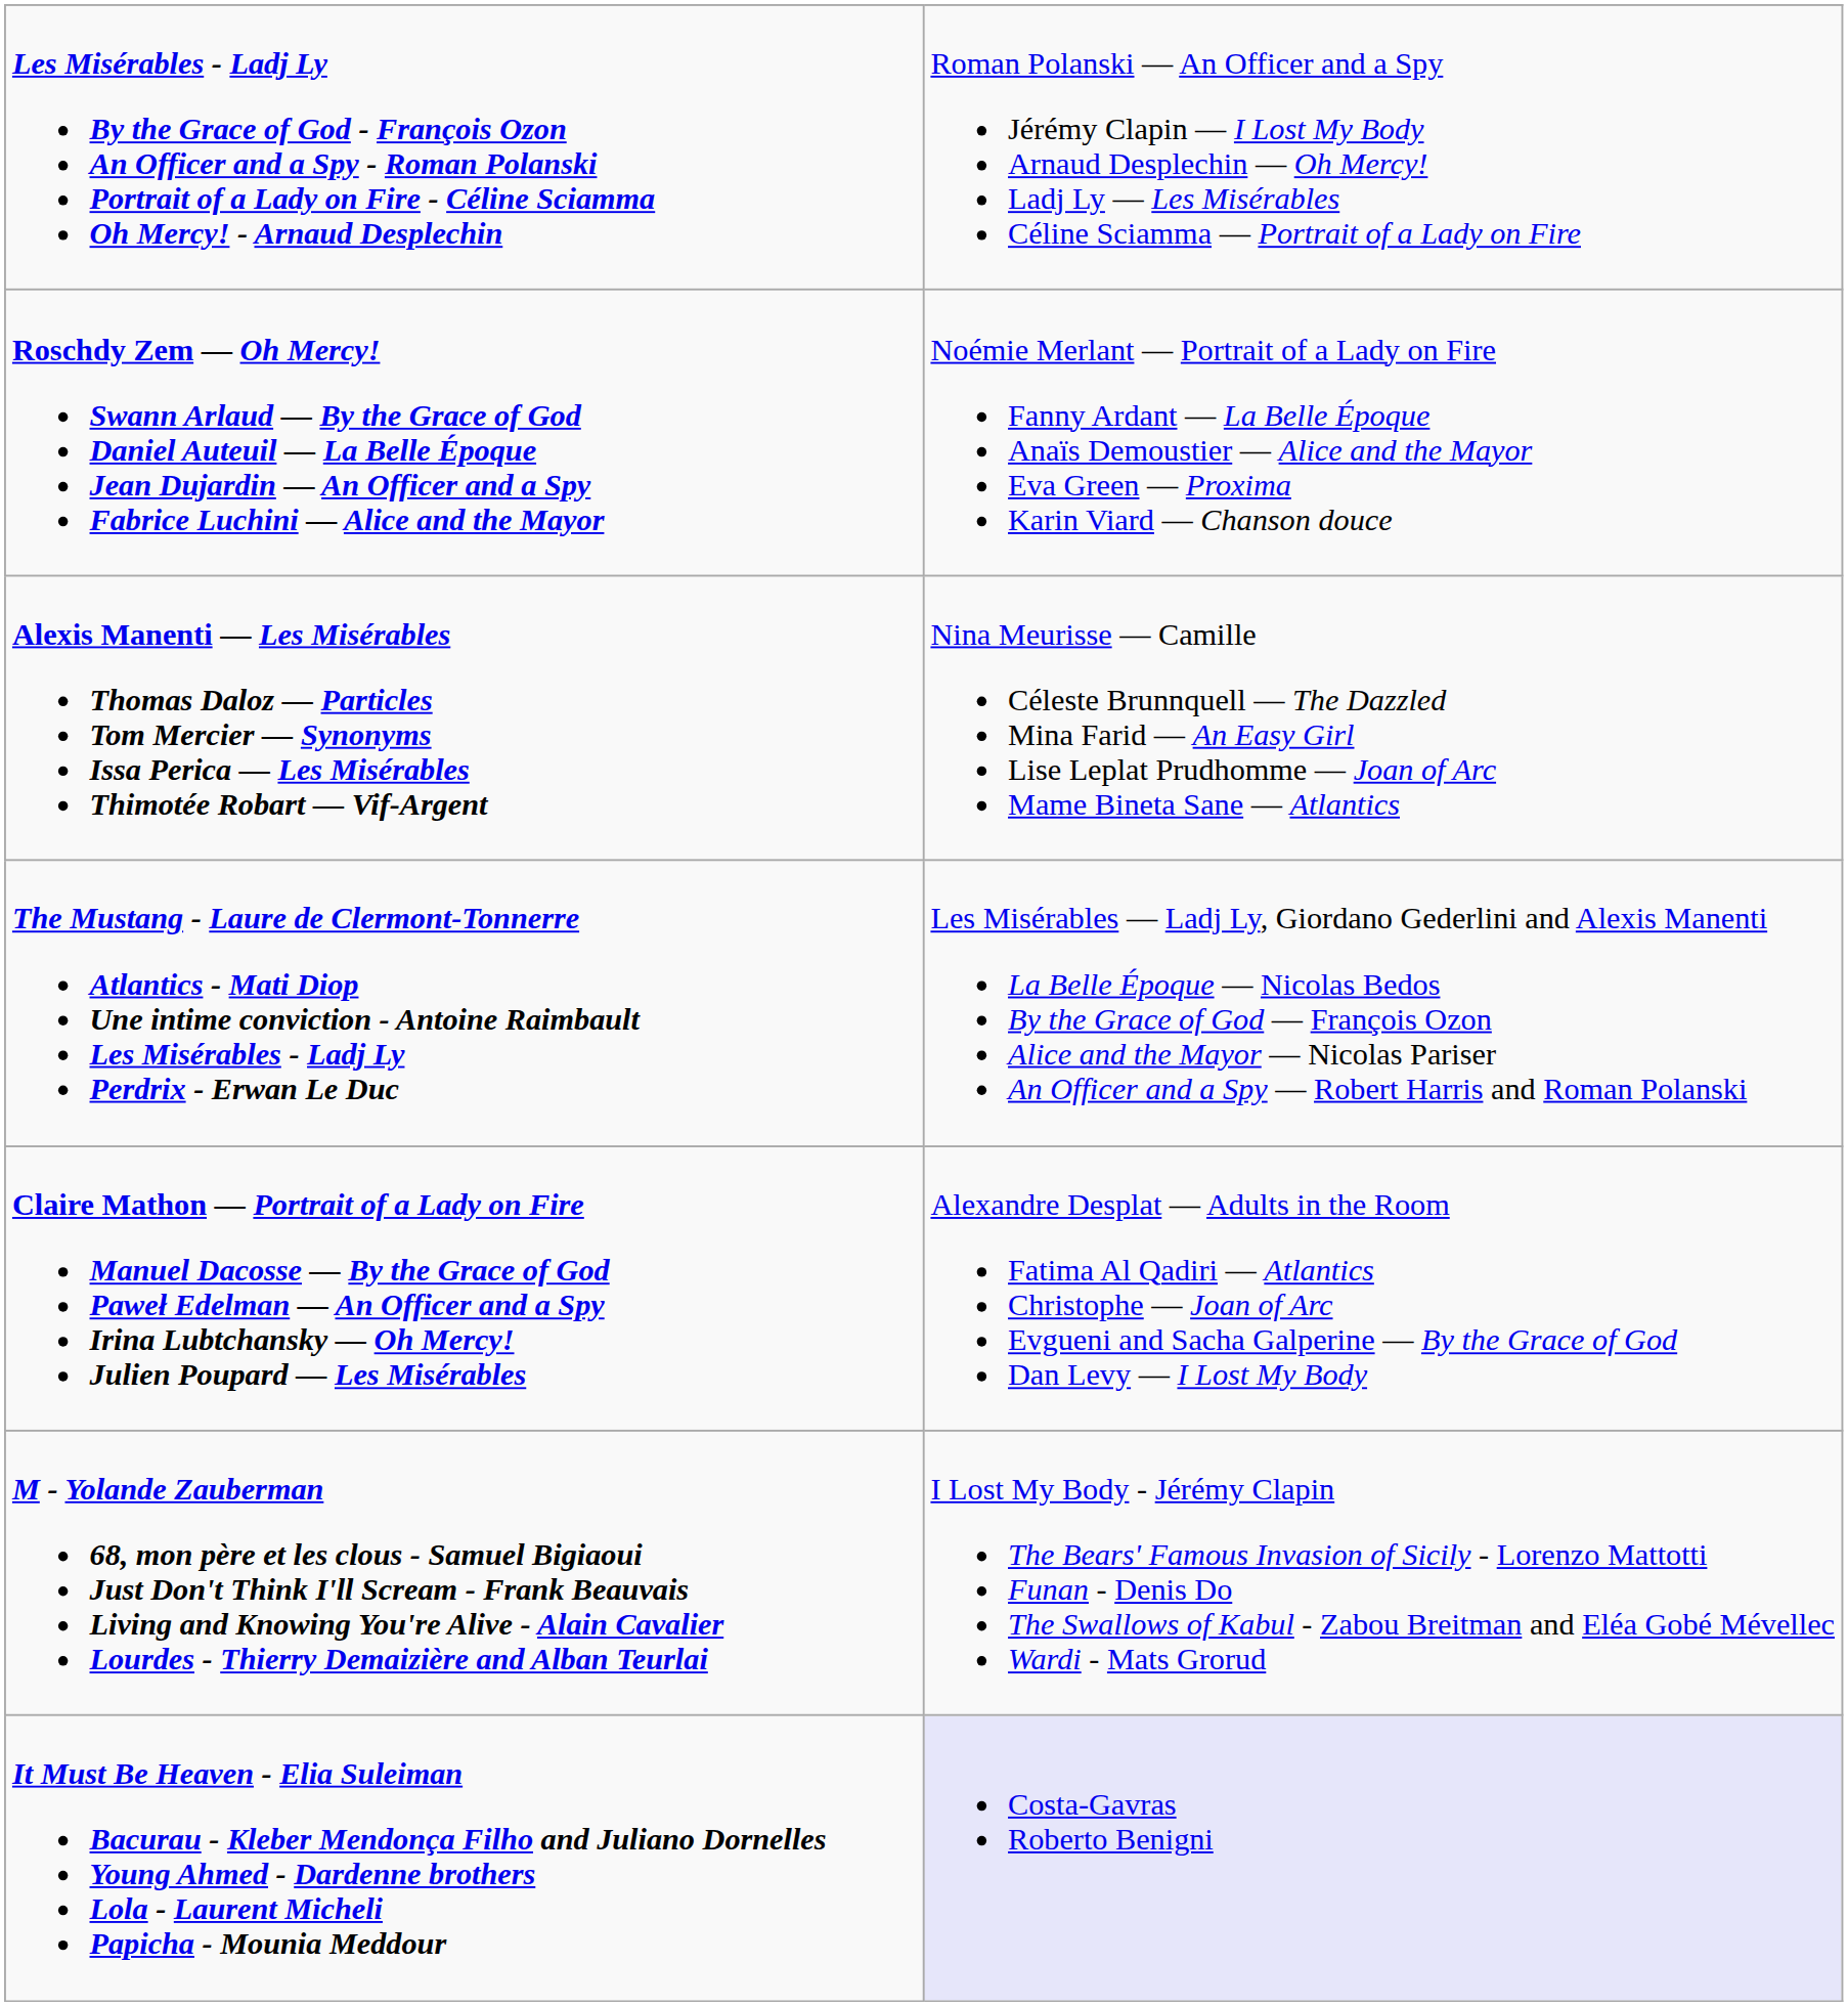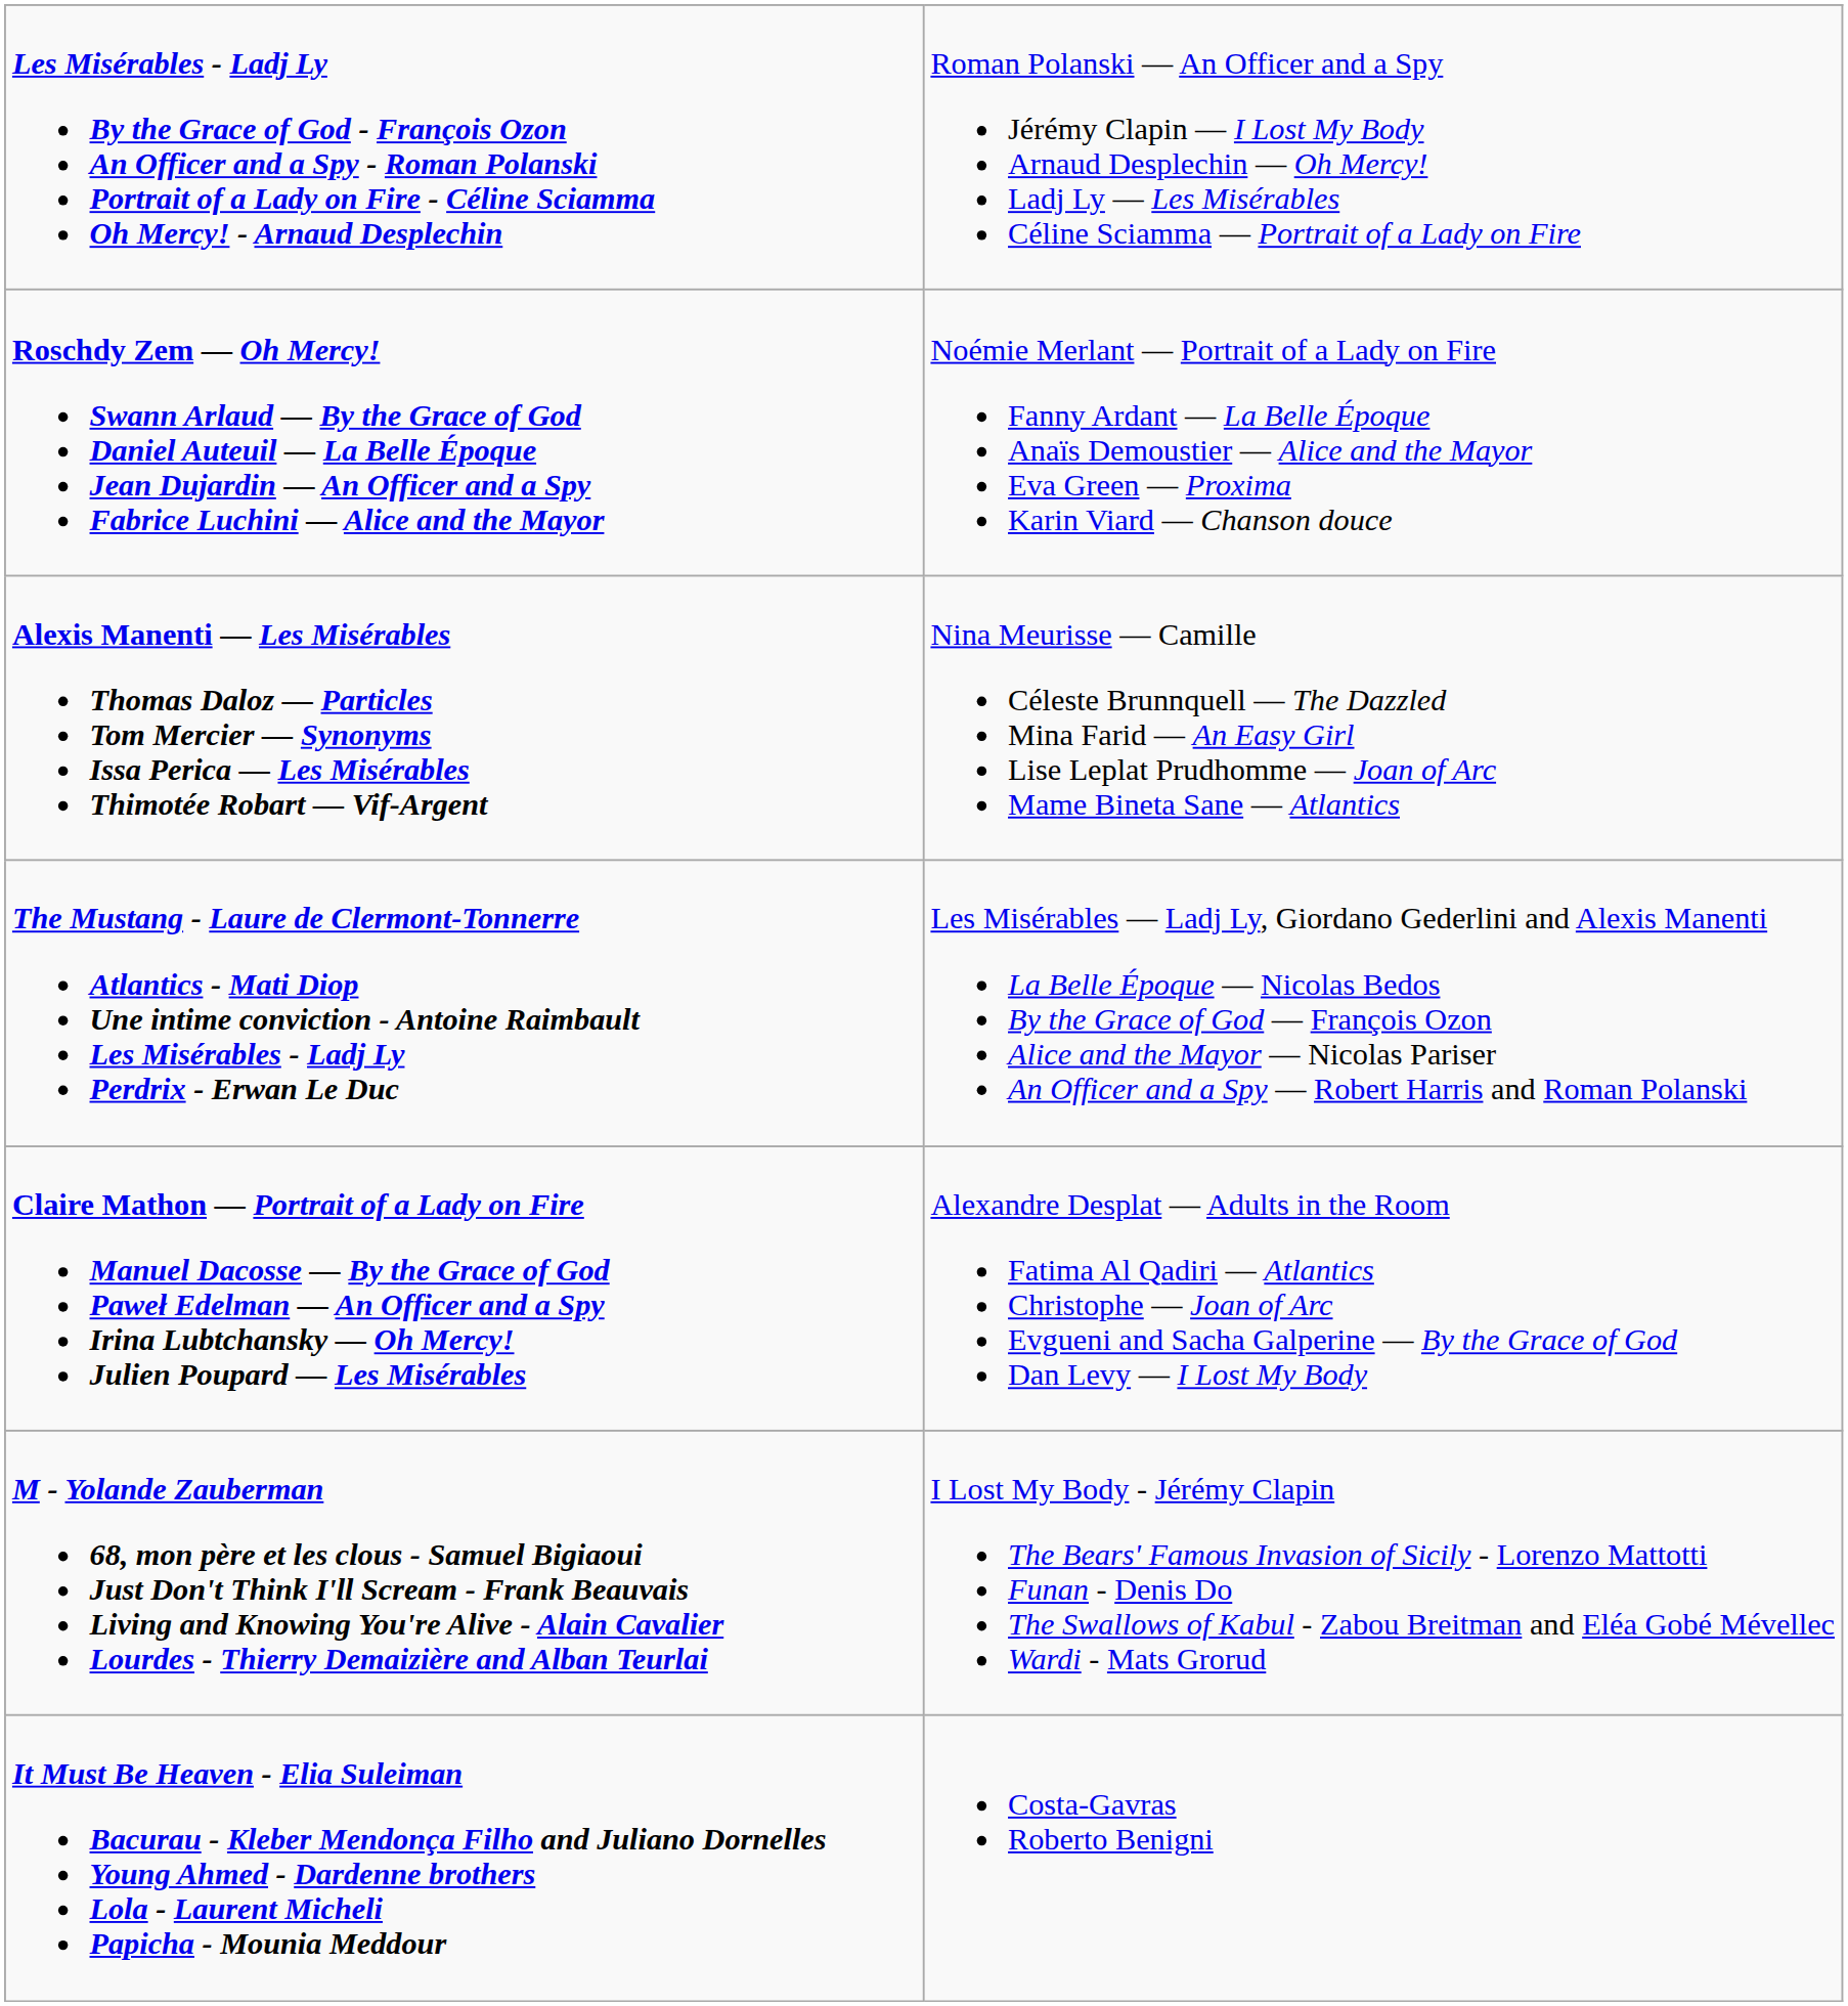 <table class=wikitable style="width="150%">
 <tr>
 <td valign="top" width="50%"><br> <strong><em><a href='#'>Les Misérables</a><em> - <a href='#'>Ladj Ly</a><strong><ul><li></em><a href='#'>By the Grace of God</a><em> - <a href='#'>François Ozon</a></li><li></em><a href='#'>An Officer and a Spy</a><em> - <a href='#'>Roman Polanski</a></li><li></em><a href='#'>Portrait of a Lady on Fire</a><em> - <a href='#'>Céline Sciamma</a></li><li></em><a href='#'>Oh Mercy!</a><em> - <a href='#'>Arnaud Desplechin</a></li></ul></td>
 <td valign="top" width="50%"><br> </strong><a href='#'>Roman Polanski</a> — </em><a href='#'>An Officer and a Spy</a></em></strong><ul><li>Jérémy Clapin — <em><a href='#'>I Lost My Body</a></em></li><li><a href='#'>Arnaud Desplechin</a> — <em><a href='#'>Oh Mercy!</a></em></li><li><a href='#'>Ladj Ly</a> — <em><a href='#'>Les Misérables</a></em></li><li><a href='#'>Céline Sciamma</a> — <em><a href='#'>Portrait of a Lady on Fire</a></em></li></ul></td>
 </tr>
 <tr>
 <td valign="top" width="50%"><br> <strong><a href='#'>Roschdy Zem</a> — <em><a href='#'>Oh Mercy!</a><strong><em><ul><li><a href='#'>Swann Arlaud</a> — </em><a href='#'>By the Grace of God</a><em></li><li><a href='#'>Daniel Auteuil</a> — </em><a href='#'>La Belle Époque</a><em></li><li><a href='#'>Jean Dujardin</a> — </em><a href='#'>An Officer and a Spy</a><em></li><li><a href='#'>Fabrice Luchini</a> — </em><a href='#'>Alice and the Mayor</a><em></li></ul></td>
 <td valign="top" width="50%"><br> </strong><a href='#'>Noémie Merlant</a> — </em><a href='#'>Portrait of a Lady on Fire</a></em></strong><ul><li><a href='#'>Fanny Ardant</a> — <em><a href='#'>La Belle Époque</a></em></li><li><a href='#'>Anaïs Demoustier</a> — <em><a href='#'>Alice and the Mayor</a></em></li><li><a href='#'>Eva Green</a> — <em><a href='#'>Proxima</a></em></li><li><a href='#'>Karin Viard</a> — <em>Chanson douce</em></li></ul></td>
 </tr>
 <tr>
 <td valign="top" width="50%"><br> <strong><a href='#'>Alexis Manenti</a> — <em><a href='#'>Les Misérables</a><strong><em><ul><li>Thomas Daloz — </em><a href='#'>Particles</a><em></li><li>Tom Mercier — </em><a href='#'>Synonyms</a><em></li><li>Issa Perica — </em><a href='#'>Les Misérables</a><em></li><li>Thimotée Robart — </em>Vif-Argent<em></li></ul></td>
 <td valign="top" width="50%"><br> </strong><a href='#'>Nina Meurisse</a> — </em>Camille</em></strong><ul><li>Céleste Brunnquell — <em>The Dazzled</em></li><li>Mina Farid — <em><a href='#'>An Easy Girl</a></em></li><li>Lise Leplat Prudhomme — <em><a href='#'>Joan of Arc</a></em></li><li><a href='#'>Mame Bineta Sane</a> — <em><a href='#'>Atlantics</a></em></li></ul></td>
 </tr>
 <tr>
 <td valign="top" width="50%"><br> <strong><em><a href='#'>The Mustang</a><em> - <a href='#'>Laure de Clermont-Tonnerre</a><strong><ul><li></em><a href='#'>Atlantics</a><em> - <a href='#'>Mati Diop</a></li><li></em>Une intime conviction<em> - Antoine Raimbault</li><li></em><a href='#'>Les Misérables</a><em> - <a href='#'>Ladj Ly</a></li><li></em><a href='#'>Perdrix</a><em> - Erwan Le Duc</li></ul></td>
 <td valign="top" width="50%"><br> </em></strong><a href='#'>Les Misérables</a></em> — <a href='#'>Ladj Ly</a>, Giordano Gederlini and <a href='#'>Alexis Manenti</a></strong><ul><li><em><a href='#'>La Belle Époque</a></em> — <a href='#'>Nicolas Bedos</a></li><li><em><a href='#'>By the Grace of God</a></em> — <a href='#'>François Ozon</a></li><li><em><a href='#'>Alice and the Mayor</a></em> — Nicolas Pariser</li><li><em><a href='#'>An Officer and a Spy</a></em> — <a href='#'>Robert Harris</a> and <a href='#'>Roman Polanski</a></li></ul></td>
 </tr>
 <tr>
 <td valign="top" width="50%"><br> <strong><a href='#'>Claire Mathon</a> — <em><a href='#'>Portrait of a Lady on Fire</a><strong><em><ul><li><a href='#'>Manuel Dacosse</a> — </em><a href='#'>By the Grace of God</a><em></li><li><a href='#'>Paweł Edelman</a> — </em><a href='#'>An Officer and a Spy</a><em></li><li>Irina Lubtchansky — </em><a href='#'>Oh Mercy!</a><em></li><li>Julien Poupard — </em><a href='#'>Les Misérables</a><em></li></ul></td>
 <td valign="top" width="50%"><br> </em></strong><a href='#'>Alexandre Desplat</a> — </em><a href='#'>Adults in the Room</a></strong><ul><li><a href='#'>Fatima Al Qadiri</a> — <em><a href='#'>Atlantics</a></em></li><li><a href='#'>Christophe</a> — <em><a href='#'>Joan of Arc</a></em></li><li><a href='#'>Evgueni and Sacha Galperine</a> — <em><a href='#'>By the Grace of God</a></em></li><li><a href='#'>Dan Levy</a> — <em><a href='#'>I Lost My Body</a></em></li></ul></td>
 </tr>
 <tr>
 <td valign="top" width="50%"><br> <strong><em><a href='#'>M</a><em> - <a href='#'>Yolande Zauberman</a><strong><ul><li></em>68, mon père et les clous<em> - Samuel Bigiaoui</li><li></em>Just Don't Think I'll Scream<em> - Frank Beauvais</li><li></em>Living and Knowing You're Alive<em> - <a href='#'>Alain Cavalier</a></li><li></em><a href='#'>Lourdes</a><em> - <a href='#'>Thierry Demaizière and Alban Teurlai</a></li></ul></td>
 <td valign="top" width="50%"><br> </em></strong><a href='#'>I Lost My Body</a></em> - <a href='#'>Jérémy Clapin</a></strong><ul><li><em><a href='#'>The Bears' Famous Invasion of Sicily</a></em> - <a href='#'>Lorenzo Mattotti</a></li><li><em><a href='#'>Funan</a></em> - <a href='#'>Denis Do</a></li><li><em><a href='#'>The Swallows of Kabul</a></em> - <a href='#'>Zabou Breitman</a> and <a href='#'>Eléa Gobé Mévellec</a></li><li><em><a href='#'>Wardi</a></em> - <a href='#'>Mats Grorud</a></li></ul></td>
 </tr>
 <tr>
 <td valign="top" width="50%"><br> <strong><em><a href='#'>It Must Be Heaven</a><em> - <a href='#'>Elia Suleiman</a><strong><ul><li></em><a href='#'>Bacurau</a><em> - <a href='#'>Kleber Mendonça Filho</a> and Juliano Dornelles</li><li></em><a href='#'>Young Ahmed</a><em> - <a href='#'>Dardenne brothers</a></li><li></em><a href='#'>Lola</a><em> - <a href='#'>Laurent Micheli</a></li><li></em><a href='#'>Papicha</a><em> - Mounia Meddour</li></ul></td>
-<td valign="top" width="50%" style="background: lavender;"><br><ul><li><a href='#'>Costa-Gavras</a></li><li><a href='#'>Roberto Benigni</a></li></ul></td>
+<td valign="top" width="50%"><br><ul><li><a href='#'>Costa-Gavras</a></li><li><a href='#'>Roberto Benigni</a></li></ul></td>
 </tr>
 </table>
